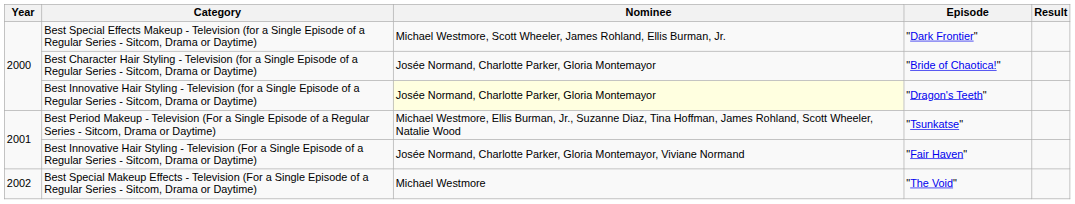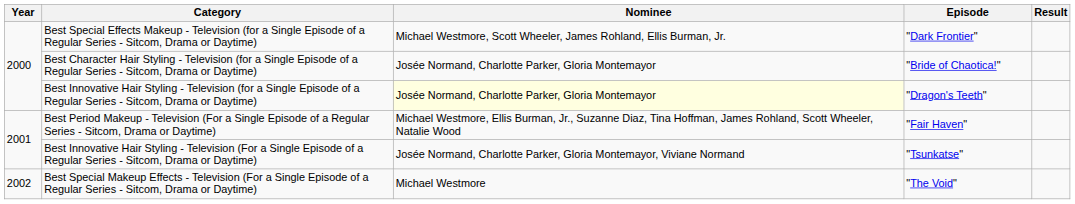 <table class="wikitable">
 <tr>
 <th width="3.5%">Year</th>
 <th width="33%">Category</th>
 <th widthe="48%">Nominee</th>
 <th width="12%">Episode</th>
 <th width="3.5%">Result</th>
 </tr>
 <tr>
 <td rowspan="3">2000</td>
 <td>Best Special Effects Makeup - Television (for a Single Episode of a Regular Series - Sitcom, Drama or Daytime)</td>
 <td>Michael Westmore, Scott Wheeler, James Rohland, Ellis Burman, Jr.</td>
 <td>"<a href='#'>Dark Frontier</a>"</td>
 <td></td>
 </tr>
 <tr>
 <td>Best Character Hair Styling - Television (for a Single Episode of a Regular Series - Sitcom, Drama or Daytime)</td>
 <td>Josée Normand, Charlotte Parker, Gloria Montemayor</td>
 <td>"<a href='#'>Bride of Chaotica!</a>"</td>
 <td></td>
 </tr>
 <tr>
 <td>Best Innovative Hair Styling - Television (for a Single Episode of a Regular Series - Sitcom, Drama or Daytime)</td>
 <td style="background: lightyellow;">Josée Normand, Charlotte Parker, Gloria Montemayor</td>
 <td>"<a href='#'>Dragon's Teeth</a>"</td>
 <td></td>
 </tr>
 <tr>
 <td rowspan="2">2001</td>
 <td>Best Period Makeup - Television (For a Single Episode of a Regular Series - Sitcom, Drama or Daytime)</td>
 <td>Michael Westmore, Ellis Burman, Jr., Suzanne Diaz, Tina Hoffman, James Rohland, Scott Wheeler, Natalie Wood</td>
-<td>"<a href='#'>Tsunkatse</a>"</td>
+<td>"<a href='#'>Fair Haven</a>"</td>
 <td></td>
 </tr>
 <tr>
 <td>Best Innovative Hair Styling - Television (For a Single Episode of a Regular Series - Sitcom, Drama or Daytime)</td>
 <td>Josée Normand, Charlotte Parker, Gloria Montemayor, Viviane Normand</td>
-<td>"<a href='#'>Fair Haven</a>"</td>
+<td>"<a href='#'>Tsunkatse</a>"</td>
 <td></td>
 </tr>
 <tr>
 <td>2002</td>
 <td>Best Special Makeup Effects - Television (For a Single Episode of a Regular Series - Sitcom, Drama or Daytime)</td>
 <td>Michael Westmore</td>
 <td>"<a href='#'>The Void</a>"</td>
 <td></td>
 </tr>
 </table>
